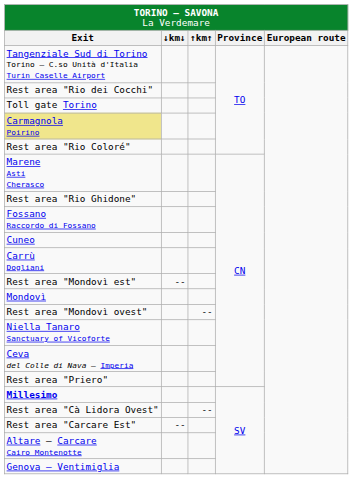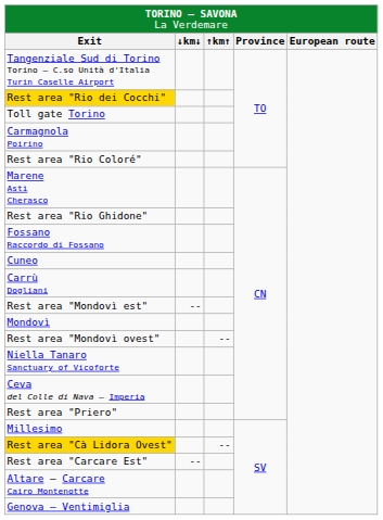 <table class="wikitable">
 <tr align="center" bgcolor="08842C" style="color: white;">
 <td colspan="6"><strong> TORINO – SAVONA</strong><br>La Verdemare</td>
 </tr>
 <tr>
 <th><strong>Exit</strong></th>
 <th align="center"><strong>↓km↓</strong></th>
 <th align="center"><strong>↑km↑</strong></th>
 <th align="center"><strong>Province</strong></th>
 <th align="center"><strong>European route</strong></th>
 </tr>
 <tr>
 <td>   <a href='#'>Tangenziale Sud di Torino</a><br><small> Torino – C.so Unità d'Italia</small><br><small>  <a href='#'>Turin Caselle Airport</a></small></td>
 <td align="right"></td>
 <td align="right"></td>
 <td rowspan="5" align="center"><a href='#'>TO</a></td>
 <td rowspan="24" align="center"></td>
 </tr>
 <tr>
-<td> Rest area "Rio dei Cocchi"</td>
+<td style="background: gold;"> Rest area "Rio dei Cocchi"</td>
 <td align="right"></td>
 <td align="right"></td>
 </tr>
 <tr>
 <td> Toll gate <a href='#'>Torino</a></td>
 <td align="right"></td>
 <td align="right"></td>
 </tr>
 <tr>
-<td style="background: khaki;"> <a href='#'>Carmagnola</a><br><small><a href='#'>Poirino</a></small></td>
+<td> <a href='#'>Carmagnola</a><br><small><a href='#'>Poirino</a></small></td>
 <td align="right"></td>
 <td align="right"></td>
 </tr>
 <tr>
 <td> Rest area "Rio Coloré"</td>
 <td align="right"></td>
 <td align="right"></td>
 </tr>
 <tr>
 <td> <a href='#'>Marene</a><br><small> <a href='#'>Asti</a><br> <a href='#'>Cherasco</a></small></td>
 <td align="right"></td>
 <td align="right"></td>
 <td rowspan="11" align="center"><a href='#'>CN</a></td>
 </tr>
 <tr>
 <td> Rest area "Rio Ghidone"</td>
 <td align="right"></td>
 <td align="right"></td>
 </tr>
 <tr>
 <td> <a href='#'>Fossano</a><br><small> <a href='#'>Raccordo di Fossano</a></small></td>
 <td align="right"></td>
 <td align="right"></td>
 </tr>
 <tr>
 <td>  <a href='#'>Cuneo</a></td>
 <td align="right"></td>
 <td align="right"></td>
 </tr>
 <tr>
 <td> <a href='#'>Carrù</a><br><small><a href='#'>Dogliani</a></small></td>
 <td align="right"></td>
 <td align="right"></td>
 </tr>
 <tr>
 <td> Rest area "Mondovì est"</td>
 <td align="right">--</td>
 <td align="right"></td>
 </tr>
 <tr>
 <td> <a href='#'>Mondovì</a></td>
 <td align="right"></td>
 <td align="right"></td>
 </tr>
 <tr>
 <td> Rest area "Mondovì ovest"</td>
 <td align="right"></td>
 <td align="right">--</td>
 </tr>
 <tr>
 <td> <a href='#'>Niella Tanaro</a><br><small> <a href='#'>Sanctuary of Vicoforte</a></small></td>
 <td align="right"></td>
 <td align="right"></td>
 </tr>
 <tr>
 <td> <a href='#'>Ceva</a><br><small> <em>del Colle di Nava</em> – <a href='#'>Imperia</a></small></td>
 <td align="right"></td>
 <td align="right"></td>
 </tr>
 <tr>
 <td> Rest area "Priero"</td>
 <td align="right"></td>
 <td align="right"></td>
 </tr>
 <tr>
-<td><strong> <a href='#'>Millesimo</a></strong></td>
+<td> <a href='#'>Millesimo</a></td>
 <td align="right"></td>
 <td align="right"></td>
 <td rowspan="5" align="center"><a href='#'>SV</a></td>
 </tr>
 <tr>
-<td> Rest area "Cà Lidora Ovest"</td>
+<td style="background: gold;"> Rest area "Cà Lidora Ovest"</td>
 <td align="right"></td>
 <td align="right">--</td>
 </tr>
 <tr>
 <td> Rest area "Carcare Est"</td>
 <td align="right">--</td>
 <td align="right"></td>
 </tr>
 <tr>
 <td> <a href='#'>Altare</a> – <a href='#'>Carcare</a><br><small><a href='#'>Cairo Montenotte</a></small></td>
 <td align="right"></td>
 <td align="right"></td>
 </tr>
 <tr>
 <td>   <a href='#'>Genova – Ventimiglia</a></td>
 <td align="right"></td>
 <td align="right"></td>
 </tr>
 </table>
